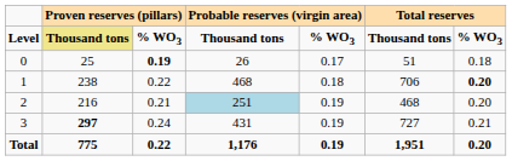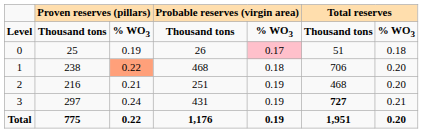 <table class="wikitable" style="text-align: center;">
 <tr>
 <td></td>
 <td colspan=2 style="background: #ffdead;"><strong>Proven reserves (pillars)</strong></td>
 <td colspan=2 style="background: #ffdead;"><strong> Probable reserves (virgin area)</strong></td>
 <td colspan=2 style="background: #ffdead;"><strong>Total reserves</strong></td>
 </tr>
 <tr>
 <td><strong>Level</strong></td>
-<td style="background: khaki;"><strong>Thousand tons</strong></td>
+<td><strong>Thousand tons</strong></td>
 <td><strong>% WO<sub>3</sub></strong></td>
 <td><strong>Thousand tons</strong></td>
 <td><strong>% WO<sub>3</sub></strong></td>
 <td><strong>Thousand tons</strong></td>
 <td><strong>% WO<sub>3</sub></strong></td>
 </tr>
 <tr>
 <td>0</td>
 <td>25</td>
-<td><strong>0.19</strong></td>
+<td>0.19</td>
 <td>26</td>
-<td>0.17</td>
+<td style="background: pink;">0.17</td>
 <td>51</td>
 <td>0.18</td>
 </tr>
 <tr>
 <td>1</td>
 <td>238</td>
-<td>0.22</td>
+<td style="background: lightsalmon;">0.22</td>
 <td>468</td>
 <td>0.18</td>
 <td>706</td>
-<td><strong>0.20</strong></td>
+<td>0.20</td>
 </tr>
 <tr>
 <td>2</td>
 <td>216</td>
 <td>0.21</td>
-<td style="background: lightblue;">251</td>
+<td>251</td>
 <td>0.19</td>
 <td>468</td>
 <td>0.20</td>
 </tr>
 <tr>
 <td>3</td>
-<td><strong>297</strong></td>
+<td>297</td>
 <td>0.24</td>
 <td>431</td>
 <td>0.19</td>
-<td>727</td>
+<td><strong>727</strong></td>
 <td>0.21</td>
 </tr>
 <tr>
 <td><strong>Total</strong></td>
 <td><strong>775</strong></td>
 <td><strong>0.22</strong></td>
 <td><strong>1,176</strong></td>
 <td><strong>0.19</strong></td>
 <td><strong>1,951</strong></td>
 <td><strong>0.20</strong></td>
 </tr>
 </table>
